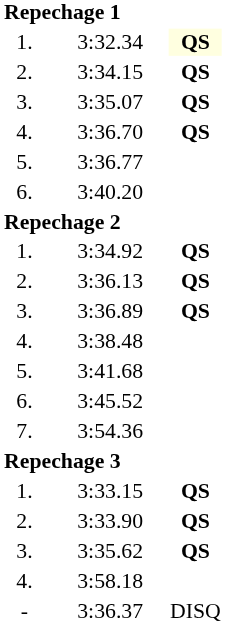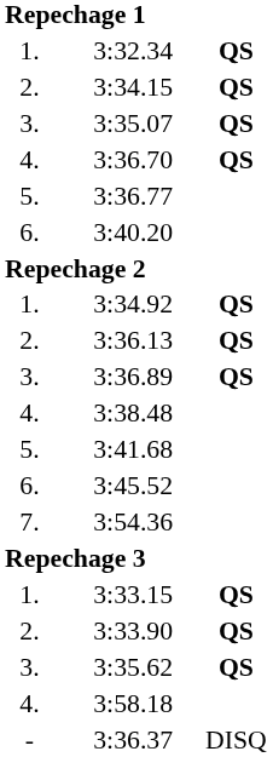 <table style="text-align:center">
 <tr>
 <td colspan=4 align=left><strong>Repechage 1</strong></td>
 </tr>
 <tr>
 <td width=30>1.</td>
 <td align=left></td>
 <td width=80>3:32.34</td>
-<td style="background: lightyellow;"><strong>QS</strong></td>
+<td><strong>QS</strong></td>
 </tr>
 <tr>
 <td>2.</td>
 <td align=left></td>
 <td>3:34.15</td>
 <td><strong>QS</strong></td>
 </tr>
 <tr>
 <td>3.</td>
 <td align=left></td>
 <td>3:35.07</td>
 <td><strong>QS</strong></td>
 </tr>
 <tr>
 <td>4.</td>
 <td align=left></td>
 <td>3:36.70</td>
 <td><strong>QS</strong></td>
 </tr>
 <tr>
 <td>5.</td>
 <td align=left></td>
 <td>3:36.77</td>
 <td></td>
 </tr>
 <tr>
 <td>6.</td>
 <td align=left></td>
 <td>3:40.20</td>
 <td></td>
 </tr>
 <tr>
 <td colspan=4 align=left><strong>Repechage 2</strong></td>
 </tr>
 <tr>
 <td>1.</td>
 <td align=left></td>
 <td>3:34.92</td>
 <td><strong>QS</strong></td>
 </tr>
 <tr>
 <td>2.</td>
 <td align=left></td>
 <td>3:36.13</td>
 <td><strong>QS</strong></td>
 </tr>
 <tr>
 <td>3.</td>
 <td align=left></td>
 <td>3:36.89</td>
 <td><strong>QS</strong></td>
 </tr>
 <tr>
 <td>4.</td>
 <td align=left></td>
 <td>3:38.48</td>
 <td></td>
 </tr>
 <tr>
 <td>5.</td>
 <td align=left></td>
 <td>3:41.68</td>
 <td></td>
 </tr>
 <tr>
 <td>6.</td>
 <td align=left></td>
 <td>3:45.52</td>
 <td></td>
 </tr>
 <tr>
 <td>7.</td>
 <td align=left></td>
 <td>3:54.36</td>
 <td></td>
 </tr>
 <tr>
 <td colspan=4 align=left><strong>Repechage 3</strong></td>
 </tr>
 <tr>
 <td>1.</td>
 <td align=left></td>
 <td>3:33.15</td>
 <td><strong>QS</strong></td>
 </tr>
 <tr>
 <td>2.</td>
 <td align=left></td>
 <td>3:33.90</td>
 <td><strong>QS</strong></td>
 </tr>
 <tr>
 <td>3.</td>
 <td align=left></td>
 <td>3:35.62</td>
 <td><strong>QS</strong></td>
 </tr>
 <tr>
 <td>4.</td>
 <td align=left></td>
 <td>3:58.18</td>
 <td></td>
 </tr>
 <tr>
 <td>-</td>
 <td align=left></td>
 <td>3:36.37</td>
 <td>DISQ</td>
 </tr>
 </table>
